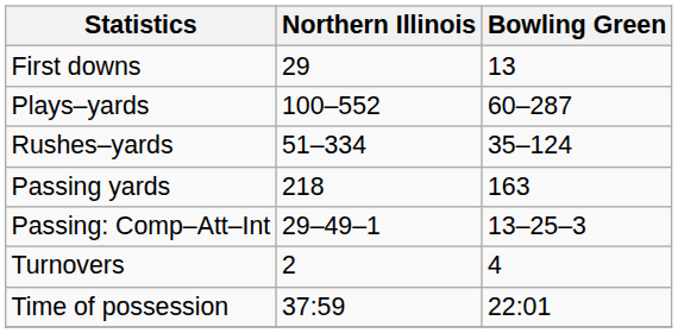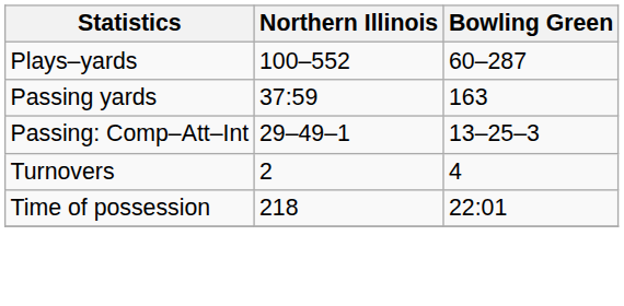 <table class="wikitable" style="float: left;">
 <tr>
 <th>Statistics</th>
 <th>Northern Illinois</th>
 <th>Bowling Green</th>
 </tr>
 <tr>
-<td>First downs</td>
-<td>29</td>
-<td>13</td>
-</tr>
-<tr>
 <td>Plays–yards</td>
 <td>100–552</td>
 <td>60–287</td>
 </tr>
 <tr>
-<td>Rushes–yards</td>
-<td>51–334</td>
-<td>35–124</td>
-</tr>
-<tr>
 <td>Passing yards</td>
-<td>218</td>
+<td>37:59</td>
 <td>163</td>
 </tr>
 <tr>
 <td>Passing: Comp–Att–Int</td>
 <td>29–49–1</td>
 <td>13–25–3</td>
 </tr>
 <tr>
 <td>Turnovers</td>
 <td>2</td>
 <td>4</td>
 </tr>
 <tr>
 <td>Time of possession</td>
-<td>37:59</td>
+<td>218</td>
 <td>22:01</td>
 </tr>
 <tr>
 </tr>
 </table>
